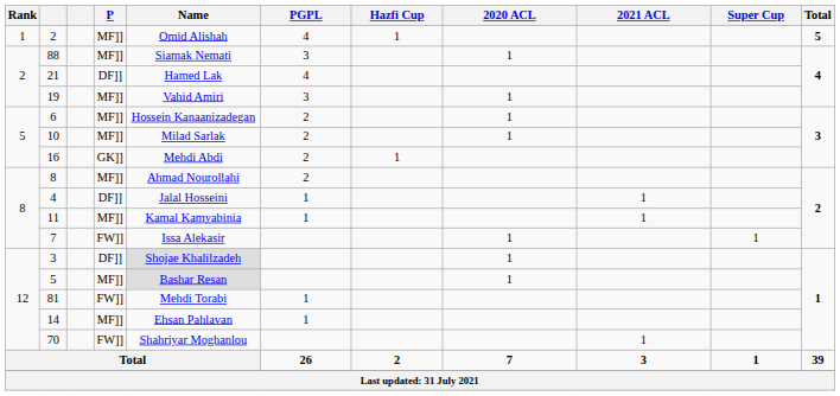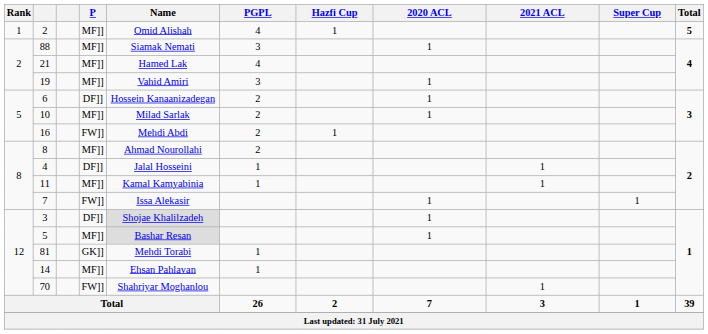 <table class="wikitable" style="text-align:center; font-size:90%">
 <tr>
 <th width=25>Rank</th>
 <th width=25></th>
 <th width=25></th>
 <th width=25><a href='#'>P</a></th>
 <th width=150>Name</th>
 <th width=100><a href='#'>PGPL</a></th>
 <th width=100><a href='#'>Hazfi Cup</a></th>
 <th width=150><a href='#'>2020 ACL</a></th>
 <th width=150><a href='#'>2021 ACL</a></th>
 <th width=100><a href='#'>Super Cup</a></th>
 <th>Total</th>
 </tr>
 <tr>
 <td>1</td>
 <td>2</td>
 <td></td>
 <td [[>MF]]</td>
 <td><a href='#'>Omid Alishah</a></td>
 <td>4</td>
 <td>1</td>
 <td></td>
 <td></td>
 <td></td>
 <td><strong>5</strong></td>
 </tr>
 <tr>
 <td rowspan="3">2</td>
 <td>88</td>
 <td></td>
 <td [[>MF]]</td>
 <td><a href='#'>Siamak Nemati</a></td>
 <td>3</td>
 <td></td>
 <td>1</td>
 <td></td>
 <td></td>
 <td rowspan="3"><strong>4</strong></td>
 </tr>
 <tr>
 <td>21</td>
 <td></td>
-<td [[>DF]]</td>
+<td [[>MF]]</td>
 <td><a href='#'>Hamed Lak</a></td>
 <td>4</td>
 <td></td>
 <td></td>
 <td></td>
 <td></td>
 </tr>
 <tr>
 <td>19</td>
 <td></td>
 <td [[>MF]]</td>
 <td><a href='#'>Vahid Amiri</a></td>
 <td>3</td>
 <td></td>
 <td>1</td>
 <td></td>
 <td></td>
 </tr>
 <tr>
 <td rowspan="3">5</td>
 <td>6</td>
 <td></td>
-<td [[>MF]]</td>
+<td [[>DF]]</td>
 <td><a href='#'>Hossein Kanaanizadegan</a></td>
 <td>2</td>
 <td></td>
 <td>1</td>
 <td></td>
 <td></td>
 <td rowspan="3"><strong>3</strong></td>
 </tr>
 <tr>
 <td>10</td>
 <td></td>
 <td [[>MF]]</td>
 <td><a href='#'>Milad Sarlak</a></td>
 <td>2</td>
 <td></td>
 <td>1</td>
 <td></td>
 <td></td>
 </tr>
 <tr>
 <td>16</td>
 <td></td>
-<td [[>GK]]</td>
+<td [[>FW]]</td>
 <td><a href='#'>Mehdi Abdi</a></td>
 <td>2</td>
 <td>1</td>
 <td></td>
 <td></td>
 <td></td>
 </tr>
 <tr>
 <td rowspan="4">8</td>
 <td>8</td>
 <td></td>
 <td [[>MF]]</td>
 <td><a href='#'>Ahmad Nourollahi</a></td>
 <td>2</td>
 <td></td>
 <td></td>
 <td></td>
 <td></td>
 <td rowspan="4"><strong>2</strong></td>
 </tr>
 <tr>
 <td>4</td>
 <td></td>
 <td [[>DF]]</td>
 <td><a href='#'>Jalal Hosseini</a></td>
 <td>1</td>
 <td></td>
 <td></td>
 <td>1</td>
 <td></td>
 </tr>
 <tr>
 <td>11</td>
 <td></td>
 <td [[>MF]]</td>
 <td><a href='#'>Kamal Kamyabinia</a></td>
 <td>1</td>
 <td></td>
 <td></td>
 <td>1</td>
 <td></td>
 </tr>
 <tr>
 <td>7</td>
 <td></td>
 <td [[>FW]]</td>
 <td><a href='#'>Issa Alekasir</a></td>
 <td></td>
 <td></td>
 <td>1</td>
 <td></td>
 <td>1</td>
 </tr>
 <tr>
 <td rowspan=5>12</td>
 <td>3</td>
 <td></td>
 <td [[>DF]]</td>
 <td style="background:#DDDDDD"><a href='#'>Shojae Khalilzadeh</a></td>
 <td></td>
 <td></td>
 <td>1</td>
 <td></td>
 <td></td>
 <td rowspan=5><strong>1</strong></td>
 </tr>
 <tr>
 <td>5</td>
 <td></td>
 <td [[>MF]]</td>
 <td style="background:#DDDDDD"><a href='#'>Bashar Resan</a></td>
 <td></td>
 <td></td>
 <td>1</td>
 <td></td>
 <td></td>
 </tr>
 <tr>
 <td>81</td>
 <td></td>
-<td [[>FW]]</td>
+<td [[>GK]]</td>
 <td><a href='#'>Mehdi Torabi</a></td>
 <td>1</td>
 <td></td>
 <td></td>
 <td></td>
 <td></td>
 </tr>
 <tr>
 <td>14</td>
 <td></td>
 <td [[>MF]]</td>
 <td><a href='#'>Ehsan Pahlavan</a></td>
 <td>1</td>
 <td></td>
 <td></td>
 <td></td>
 <td></td>
 </tr>
 <tr>
 <td>70</td>
 <td></td>
 <td [[>FW]]</td>
 <td><a href='#'>Shahriyar Moghanlou</a></td>
 <td></td>
 <td></td>
 <td></td>
 <td>1</td>
 <td></td>
 </tr>
 <tr>
 <th colspan=5>Total</th>
 <td><strong>26</strong></td>
 <td><strong>2</strong></td>
 <td><strong>7</strong></td>
 <td><strong>3</strong></td>
 <td><strong>1</strong></td>
 <td><strong>39</strong></td>
 </tr>
 <tr>
 </tr>
 <tr align="left" style="background:#DCDCDC">
 <th colspan="11"><small>Last updated: 31 July 2021</small></th>
 </tr>
 </table>
